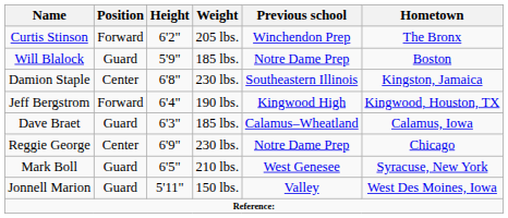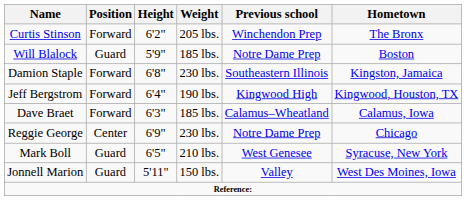 <table class="wikitable" style="text-align: center">
 <tr align=center>
 <th>Name</th>
 <th>Position</th>
 <th>Height</th>
 <th>Weight</th>
 <th>Previous school</th>
 <th>Hometown</th>
 </tr>
 <tr>
 <td><a href='#'>Curtis Stinson</a></td>
 <td>Forward</td>
 <td>6'2"</td>
 <td>205 lbs.</td>
 <td><a href='#'>Winchendon Prep</a></td>
 <td><a href='#'>The Bronx</a></td>
 </tr>
 <tr>
 <td><a href='#'>Will Blalock</a></td>
 <td>Guard</td>
 <td>5'9"</td>
 <td>185 lbs.</td>
 <td><a href='#'>Notre Dame Prep</a></td>
 <td><a href='#'>Boston</a></td>
 </tr>
 <tr>
 <td>Damion Staple</td>
-<td>Center</td>
+<td>Forward</td>
 <td>6'8"</td>
 <td>230 lbs.</td>
 <td><a href='#'>Southeastern Illinois</a></td>
 <td><a href='#'>Kingston, Jamaica</a></td>
 </tr>
 <tr>
 <td>Jeff Bergstrom</td>
 <td>Forward</td>
 <td>6'4"</td>
 <td>190 lbs.</td>
 <td><a href='#'>Kingwood High</a></td>
 <td><a href='#'>Kingwood, Houston, TX</a></td>
 </tr>
 <tr>
 <td>Dave Braet</td>
-<td>Guard</td>
+<td>Forward</td>
 <td>6'3"</td>
 <td>185 lbs.</td>
 <td><a href='#'>Calamus–Wheatland</a></td>
 <td><a href='#'>Calamus, Iowa</a></td>
 </tr>
 <tr>
 <td>Reggie George</td>
 <td>Center</td>
 <td>6'9"</td>
 <td>230 lbs.</td>
 <td><a href='#'>Notre Dame Prep</a></td>
 <td><a href='#'>Chicago</a></td>
 </tr>
 <tr>
 <td>Mark Boll</td>
 <td>Guard</td>
 <td>6'5"</td>
 <td>210 lbs.</td>
 <td><a href='#'>West Genesee</a></td>
 <td><a href='#'>Syracuse, New York</a></td>
 </tr>
 <tr>
 <td>Jonnell Marion</td>
 <td>Guard</td>
 <td>5'11"</td>
 <td>150 lbs.</td>
 <td><a href='#'>Valley</a></td>
 <td><a href='#'>West Des Moines, Iowa</a></td>
 </tr>
 <tr>
 <td colspan="6"  style="font-size:8pt; text-align:center;"><strong>Reference:</strong></td>
 </tr>
 </table>
